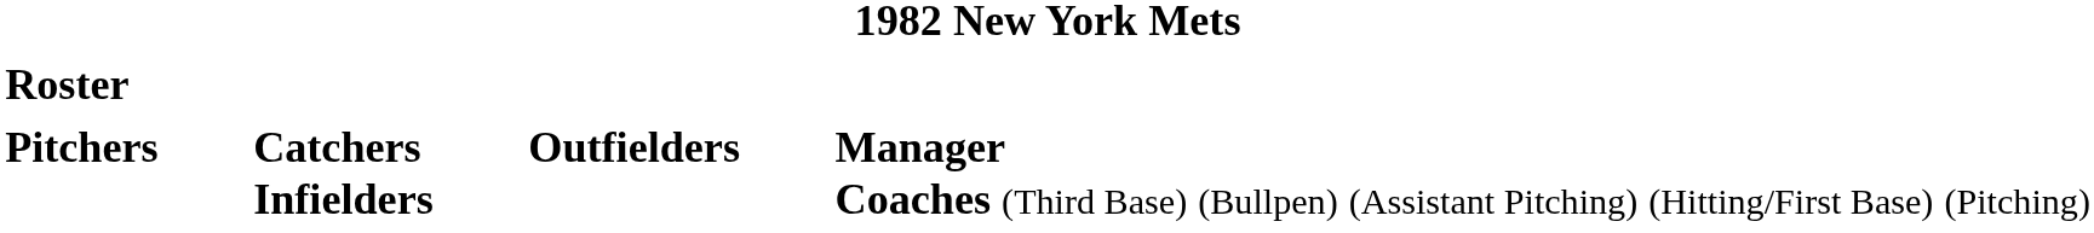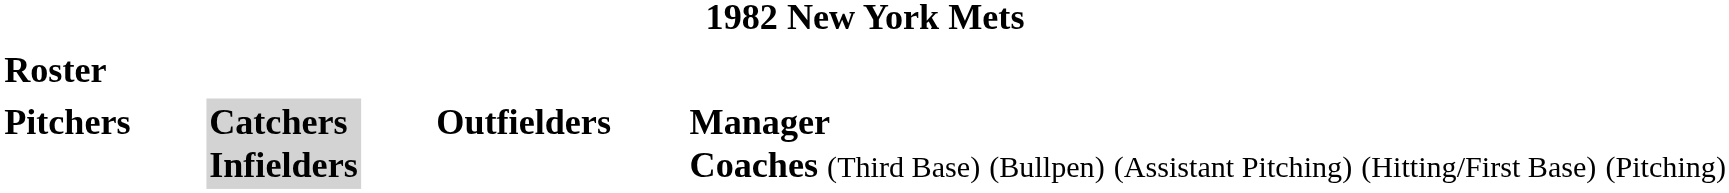 <table class="toccolours" style="font-size: 95%;">
 <tr>
 <th colspan="10">1982 New York Mets</th>
 </tr>
 <tr>
 <td colspan="10"><strong>Roster</strong></td>
 </tr>
 <tr>
 <td valign="top"><strong>Pitchers</strong><br>              </td>
 <td style="width:25px;"></td>
-<td valign="top"><strong>Catchers</strong><br>    <strong>Infielders</strong>         </td>
+<td valign="top" style="background: lightgrey;"><strong>Catchers</strong><br>    <strong>Infielders</strong>         </td>
 <td style="width:25px;"></td>
 <td valign="top"><strong>Outfielders</strong><br>       </td>
 <td style="width:25px;"></td>
 <td valign="top"><strong>Manager</strong><br> <strong>Coaches</strong>  <small>(Third Base)</small>  <small>(Bullpen)</small>  <small>(Assistant Pitching)</small>  <small>(Hitting/First Base)</small>  <small>(Pitching)</small></td>
 </tr>
 </table>
